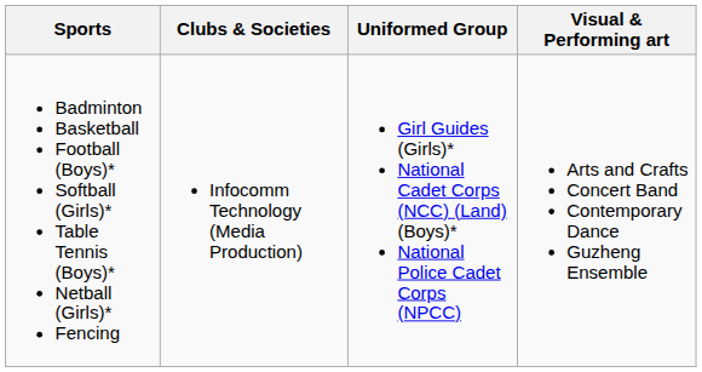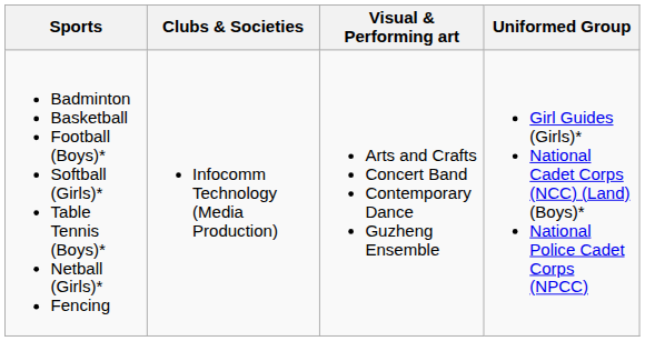 <table class="wikitable">
 <tr>
 <th>Sports</th>
 <th>Clubs & Societies</th>
+<th>Visual & Performing art</th>
 <th>Uniformed Group</th>
-<th>Visual & Performing art</th>
 </tr>
 <tr>
 <td><br><ul><li>Badminton</li><li>Basketball</li><li>Football (Boys)*</li><li>Softball (Girls)*</li><li>Table Tennis (Boys)*</li><li>Netball (Girls)*</li><li>Fencing</li></ul></td>
 <td><br><ul><li>Infocomm Technology (Media Production)</li></ul></td>
+<td><br><ul><li>Arts and Crafts</li><li>Concert Band</li><li>Contemporary Dance</li><li>Guzheng Ensemble</li></ul></td>
 <td><br><ul><li><a href='#'>Girl Guides</a> (Girls)*</li><li><a href='#'>National Cadet Corps (NCC) (Land)</a> (Boys)*</li><li><a href='#'>National Police Cadet Corps (NPCC)</a></li></ul></td>
-<td><br><ul><li>Arts and Crafts</li><li>Concert Band</li><li>Contemporary Dance</li><li>Guzheng Ensemble</li></ul></td>
 </tr>
 </table>
